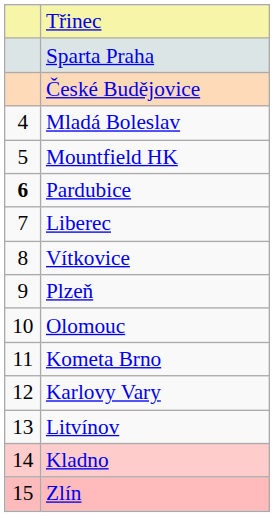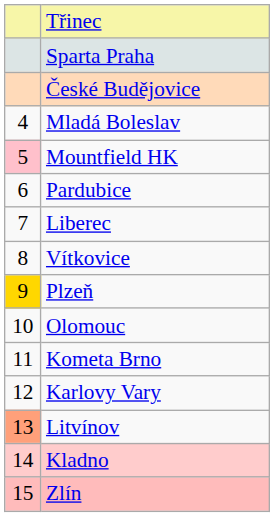 <table class="wikitable" style="width:200px;">
 <tr style="background:#F7F6A8;">
 <td align=center style="width:20px;"></td>
 <td><a href='#'>Třinec</a></td>
 </tr>
 <tr style="background:#DCE5E5;">
 <td align=center></td>
 <td><a href='#'>Sparta Praha</a></td>
 </tr>
 <tr style="background:#FFDAB9;">
 <td align=center></td>
 <td><a href='#'>České Budějovice</a></td>
 </tr>
 <tr>
 <td align=center>4</td>
 <td><a href='#'>Mladá Boleslav</a></td>
 </tr>
 <tr>
-<td align=center>5</td>
+<td align=center style="background: pink;">5</td>
 <td><a href='#'>Mountfield HK</a></td>
 </tr>
 <tr>
-<td align=center><strong>6</strong></td>
+<td align=center>6</td>
 <td><a href='#'>Pardubice</a></td>
 </tr>
 <tr>
 <td align=center>7</td>
 <td><a href='#'>Liberec</a></td>
 </tr>
 <tr>
 <td align=center>8</td>
 <td><a href='#'>Vítkovice</a></td>
 </tr>
 <tr>
-<td align=center>9</td>
+<td align=center style="background: gold;">9</td>
 <td><a href='#'>Plzeň</a></td>
 </tr>
 <tr>
 <td align=center>10</td>
 <td><a href='#'>Olomouc</a></td>
 </tr>
 <tr>
 <td align=center>11</td>
 <td><a href='#'>Kometa Brno</a></td>
 </tr>
 <tr>
 <td align=center>12</td>
 <td><a href='#'>Karlovy Vary</a></td>
 </tr>
 <tr>
-<td align=center>13</td>
+<td align=center style="background: lightsalmon;">13</td>
 <td><a href='#'>Litvínov</a></td>
 </tr>
 <tr style="background:#ffcccc;">
 <td align=center>14</td>
 <td><a href='#'>Kladno</a></td>
 </tr>
 <tr style="background:#ffbbbb;">
 <td align=center>15</td>
 <td><a href='#'>Zlín</a></td>
 </tr>
 </table>
